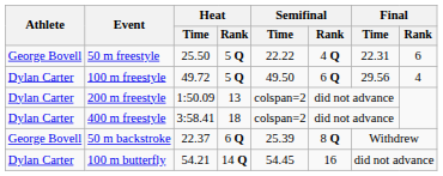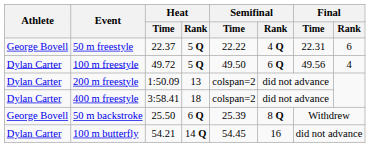 <table class=wikitable style="font-size:90%">
 <tr>
 <th rowspan=2>Athlete</th>
 <th rowspan=2>Event</th>
 <th colspan="2">Heat</th>
 <th colspan="2">Semifinal</th>
 <th colspan="2">Final</th>
 </tr>
 <tr style="font-size:95%">
 <th>Time</th>
 <th>Rank</th>
 <th>Time</th>
 <th>Rank</th>
 <th>Time</th>
 <th>Rank</th>
 </tr>
 <tr align=center>
 <td align=left><a href='#'>George Bovell</a></td>
 <td align=left><a href='#'>50 m freestyle</a></td>
-<td>25.50</td>
+<td>22.37</td>
 <td>5 <strong>Q</strong></td>
 <td>22.22</td>
 <td>4 <strong>Q</strong></td>
 <td>22.31</td>
 <td>6</td>
 </tr>
 <tr align=center>
 <td align=left><a href='#'>Dylan Carter</a></td>
 <td align=left><a href='#'>100 m freestyle</a></td>
 <td>49.72</td>
 <td>5 <strong>Q</strong></td>
 <td>49.50</td>
 <td>6 <strong>Q</strong></td>
-<td>29.56</td>
+<td>49.56</td>
 <td>4</td>
 </tr>
 <tr align=center>
 <td align=left><a href='#'>Dylan Carter</a></td>
 <td align=left><a href='#'>200 m freestyle</a></td>
 <td>1:50.09</td>
 <td>13</td>
 <td>colspan=2 </td>
 <td colspan=2>did not advance</td>
 </tr>
 <tr align=center>
 <td align=left><a href='#'>Dylan Carter</a></td>
 <td align=left><a href='#'>400 m freestyle</a></td>
 <td>3:58.41</td>
 <td>18</td>
 <td>colspan=2 </td>
 <td colspan=2>did not advance</td>
 </tr>
 <tr align=center>
 <td align=left><a href='#'>George Bovell</a></td>
 <td align=left><a href='#'>50 m backstroke</a></td>
-<td>22.37</td>
+<td>25.50</td>
 <td>6 <strong>Q</strong></td>
 <td>25.39</td>
 <td>8 <strong>Q</strong></td>
 <td colspan=2>Withdrew</td>
 </tr>
 <tr align=center>
 <td align=left><a href='#'>Dylan Carter</a></td>
 <td align=left><a href='#'>100 m butterfly</a></td>
 <td>54.21</td>
 <td>14 <strong>Q</strong></td>
 <td>54.45</td>
 <td>16</td>
 <td colspan=2>did not advance</td>
 </tr>
 </table>
